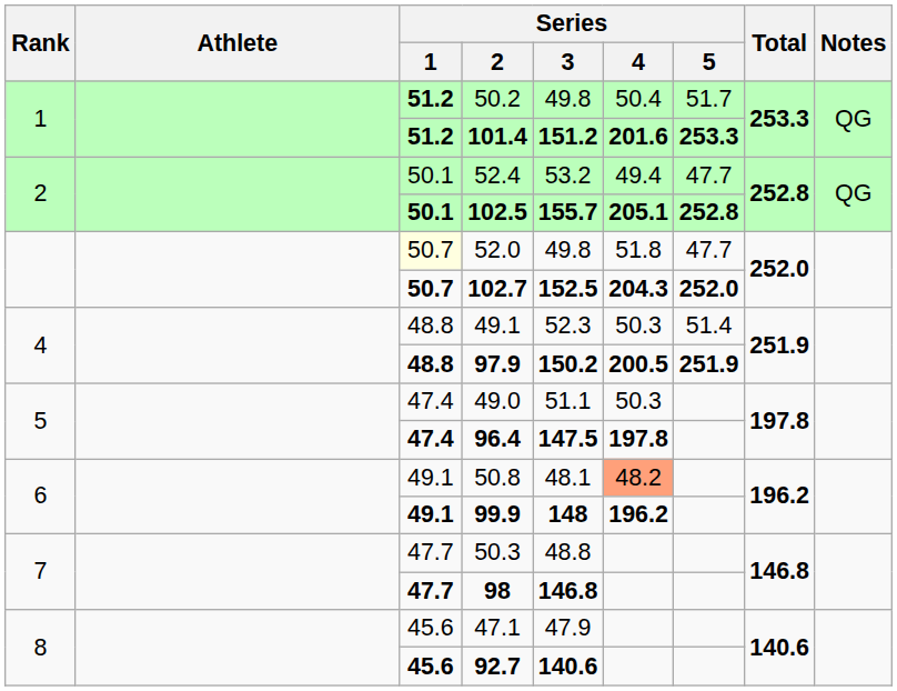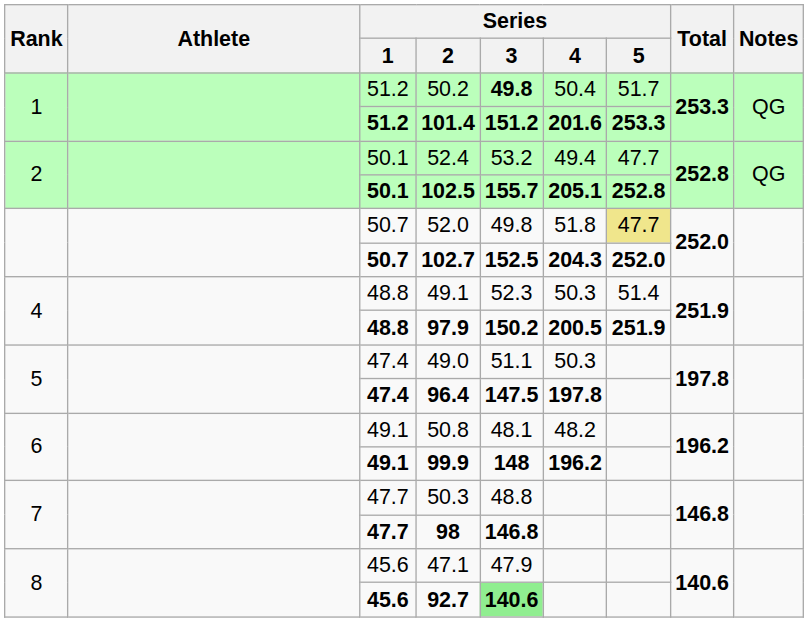 <table class="wikitable" style="text-align:center">
 <tr>
 <th rowspan=2 width=40>Rank</th>
 <th rowspan=2 width=210>Athlete</th>
 <th colspan=5>Series</th>
 <th rowspan=2 width=40>Total</th>
 <th rowspan=2>Notes</th>
 </tr>
 <tr>
 <th width=35>1</th>
 <th width=35>2</th>
 <th width=35>3</th>
 <th width=35>4</th>
 <th width=35>5</th>
 </tr>
 <tr bgcolor=bbffbb>
 <td rowspan=2>1</td>
 <td rowspan=2 align=left></td>
-<td><strong>51.2</strong></td>
+<td>51.2</td>
 <td>50.2</td>
-<td>49.8</td>
+<td><strong>49.8</strong></td>
 <td>50.4</td>
 <td>51.7</td>
 <td rowspan=2><strong>253.3</strong></td>
 <td rowspan=2>QG</td>
 </tr>
 <tr bgcolor=bbffbb>
 <td><strong>51.2</strong></td>
 <td><strong>101.4</strong></td>
 <td><strong>151.2</strong></td>
 <td><strong>201.6</strong></td>
 <td><strong>253.3</strong></td>
 </tr>
 <tr bgcolor=bbffbb>
 <td rowspan=2>2</td>
 <td rowspan=2 align=left></td>
 <td>50.1</td>
 <td>52.4</td>
 <td>53.2</td>
 <td>49.4</td>
 <td>47.7</td>
 <td rowspan=2><strong>252.8</strong></td>
 <td rowspan=2>QG</td>
 </tr>
 <tr bgcolor=bbffbb>
 <td><strong>50.1</strong></td>
 <td><strong>102.5</strong></td>
 <td><strong>155.7</strong></td>
 <td><strong>205.1</strong></td>
 <td><strong>252.8</strong></td>
 </tr>
 <tr>
 <td rowspan=2></td>
 <td rowspan=2 align=left></td>
-<td style="background: lightyellow;">50.7</td>
+<td>50.7</td>
 <td>52.0</td>
 <td>49.8</td>
 <td>51.8</td>
-<td>47.7</td>
+<td style="background: khaki;">47.7</td>
 <td rowspan=2><strong>252.0</strong></td>
 <td rowspan=2></td>
 </tr>
 <tr>
 <td><strong>50.7</strong></td>
 <td><strong>102.7</strong></td>
 <td><strong>152.5</strong></td>
 <td><strong>204.3</strong></td>
 <td><strong>252.0</strong></td>
 </tr>
 <tr>
 <td rowspan=2>4</td>
 <td rowspan=2 align=left></td>
 <td>48.8</td>
 <td>49.1</td>
 <td>52.3</td>
 <td>50.3</td>
 <td>51.4</td>
 <td rowspan=2><strong>251.9</strong></td>
 <td rowspan=2></td>
 </tr>
 <tr>
 <td><strong>48.8</strong></td>
 <td><strong>97.9</strong></td>
 <td><strong>150.2</strong></td>
 <td><strong>200.5</strong></td>
 <td><strong>251.9</strong></td>
 </tr>
 <tr>
 <td rowspan=2>5</td>
 <td rowspan=2 align=left></td>
 <td>47.4</td>
 <td>49.0</td>
 <td>51.1</td>
 <td>50.3</td>
 <td></td>
 <td rowspan=2><strong>197.8</strong></td>
 <td rowspan=2></td>
 </tr>
 <tr>
 <td><strong>47.4</strong></td>
 <td><strong>96.4</strong></td>
 <td><strong>147.5</strong></td>
 <td><strong>197.8</strong></td>
 <td></td>
 </tr>
 <tr>
 <td rowspan=2>6</td>
 <td rowspan=2 align=left></td>
 <td>49.1</td>
 <td>50.8</td>
 <td>48.1</td>
-<td style="background: lightsalmon;">48.2</td>
+<td>48.2</td>
 <td></td>
 <td rowspan=2><strong>196.2</strong></td>
 <td rowspan=2></td>
 </tr>
 <tr>
 <td><strong>49.1</strong></td>
 <td><strong>99.9</strong></td>
 <td><strong>148</strong></td>
 <td><strong>196.2</strong></td>
 <td></td>
 </tr>
 <tr>
 <td rowspan=2>7</td>
 <td rowspan=2 align=left></td>
 <td>47.7</td>
 <td>50.3</td>
 <td>48.8</td>
 <td></td>
 <td></td>
 <td rowspan=2><strong>146.8</strong></td>
 <td rowspan=2></td>
 </tr>
 <tr>
 <td><strong>47.7</strong></td>
 <td><strong>98</strong></td>
 <td><strong>146.8</strong></td>
 <td></td>
 <td></td>
 </tr>
 <tr>
 <td rowspan=2>8</td>
 <td rowspan=2 align=left></td>
 <td>45.6</td>
 <td>47.1</td>
 <td>47.9</td>
 <td></td>
 <td></td>
 <td rowspan=2><strong>140.6</strong></td>
 <td rowspan=2></td>
 </tr>
 <tr>
 <td><strong>45.6</strong></td>
 <td><strong>92.7</strong></td>
-<td><strong>140.6</strong></td>
+<td style="background: lightgreen;"><strong>140.6</strong></td>
 <td></td>
 <td></td>
 </tr>
 </table>
